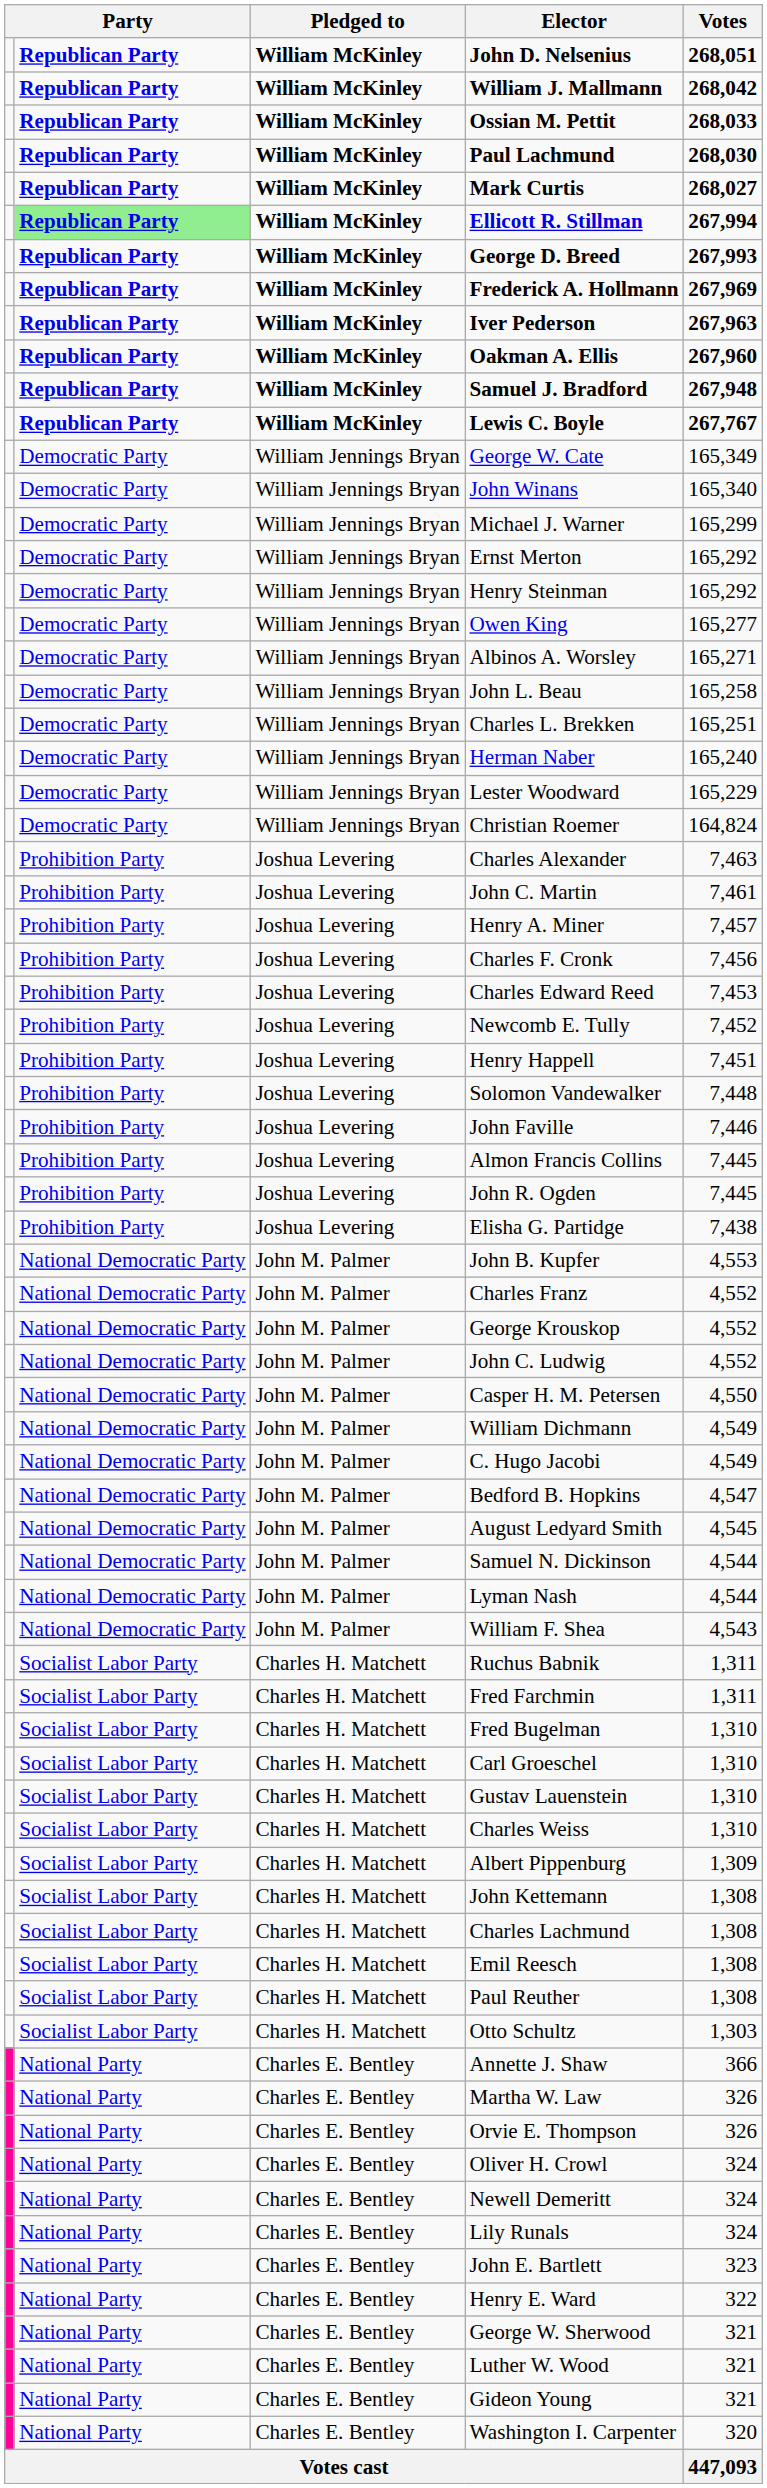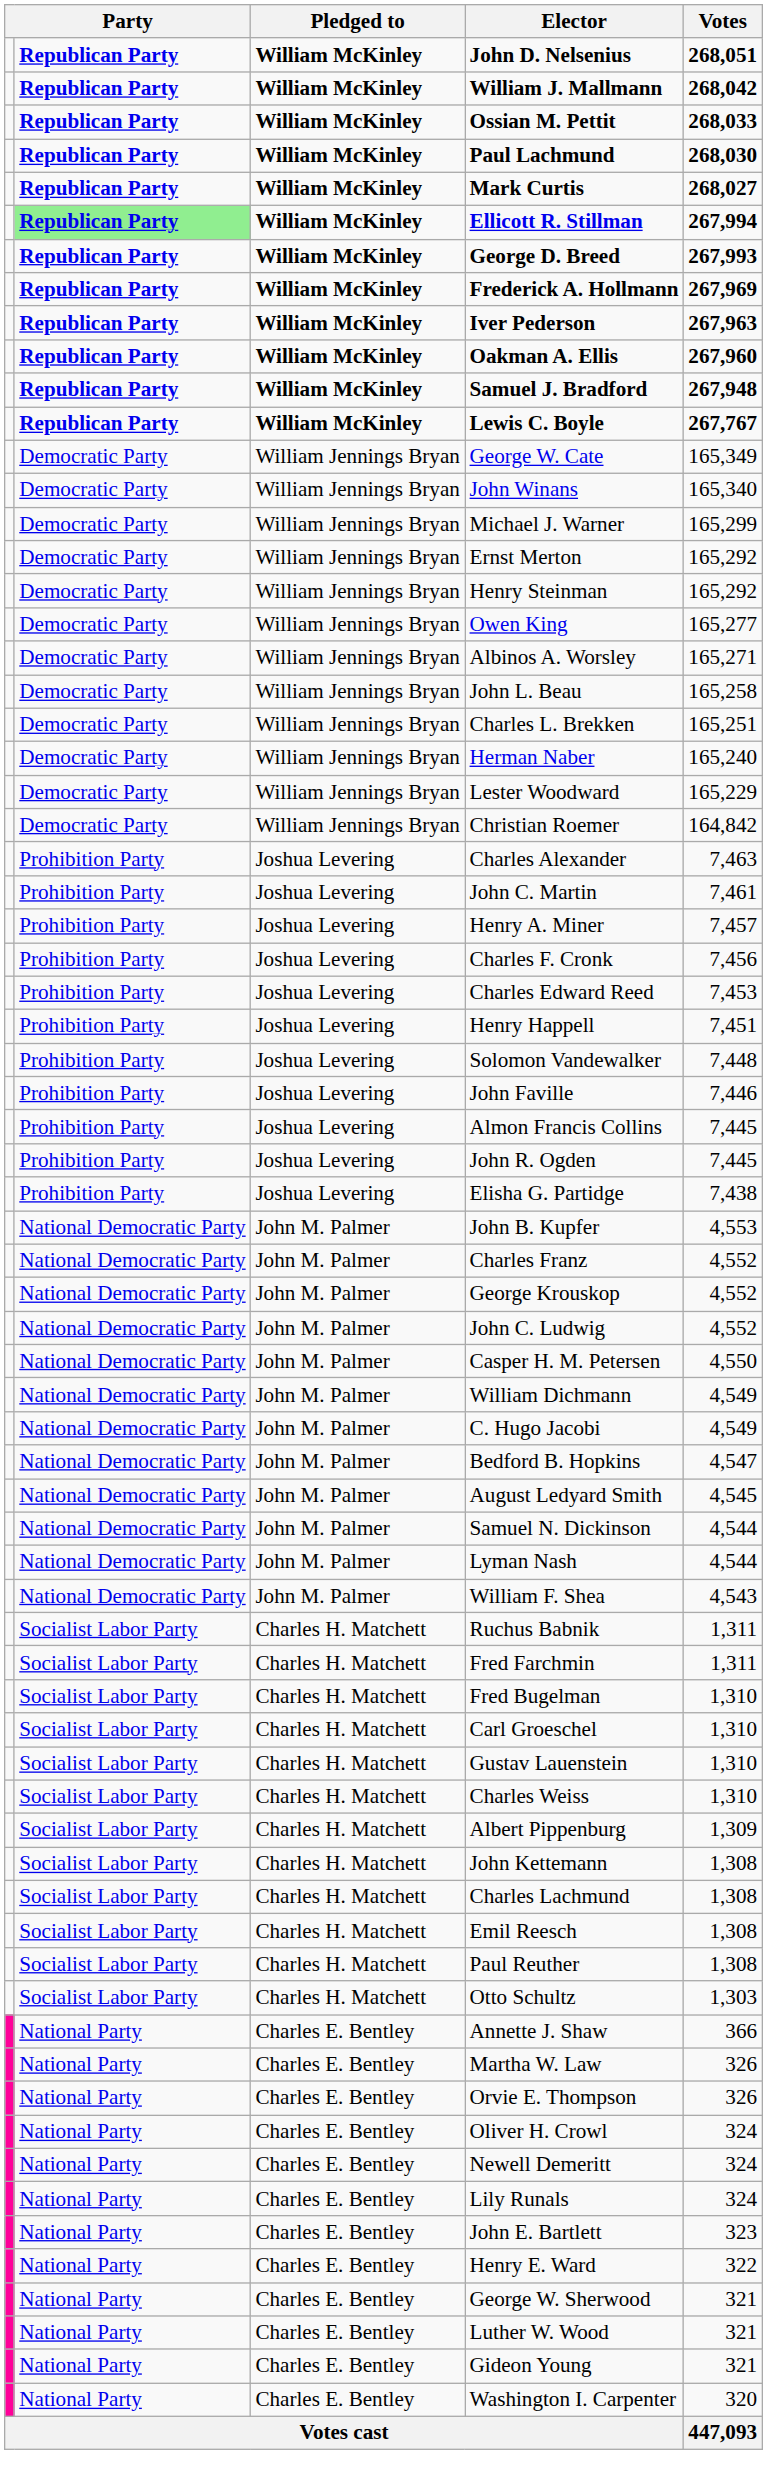 <table class="wikitable">
 <tr>
 <th colspan=2>Party</th>
 <th>Pledged to</th>
 <th>Elector</th>
 <th>Votes</th>
 </tr>
 <tr style="font-weight:bold">
 <td></td>
 <td><a href='#'>Republican Party</a></td>
 <td>William McKinley</td>
 <td>John D. Nelsenius</td>
 <td align="right">268,051</td>
 </tr>
 <tr style="font-weight:bold">
 <td></td>
 <td><a href='#'>Republican Party</a></td>
 <td>William McKinley</td>
 <td>William J. Mallmann</td>
 <td align="right">268,042</td>
 </tr>
 <tr style="font-weight:bold">
 <td></td>
 <td><a href='#'>Republican Party</a></td>
 <td>William McKinley</td>
 <td>Ossian M. Pettit</td>
 <td align="right">268,033</td>
 </tr>
 <tr style="font-weight:bold">
 <td></td>
 <td><a href='#'>Republican Party</a></td>
 <td>William McKinley</td>
 <td>Paul Lachmund</td>
 <td align="right">268,030</td>
 </tr>
 <tr style="font-weight:bold">
 <td></td>
 <td><a href='#'>Republican Party</a></td>
 <td>William McKinley</td>
 <td>Mark Curtis</td>
 <td align="right">268,027</td>
 </tr>
 <tr style="font-weight:bold">
 <td></td>
 <td style="background: lightgreen;"><a href='#'>Republican Party</a></td>
 <td>William McKinley</td>
 <td><a href='#'>Ellicott R. Stillman</a></td>
 <td align="right">267,994</td>
 </tr>
 <tr style="font-weight:bold">
 <td></td>
 <td><a href='#'>Republican Party</a></td>
 <td>William McKinley</td>
 <td>George D. Breed</td>
 <td align="right">267,993</td>
 </tr>
 <tr style="font-weight:bold">
 <td></td>
 <td><a href='#'>Republican Party</a></td>
 <td>William McKinley</td>
 <td>Frederick A. Hollmann</td>
 <td align="right">267,969</td>
 </tr>
 <tr style="font-weight:bold">
 <td></td>
 <td><a href='#'>Republican Party</a></td>
 <td>William McKinley</td>
 <td>Iver Pederson</td>
 <td align="right">267,963</td>
 </tr>
 <tr style="font-weight:bold">
 <td></td>
 <td><a href='#'>Republican Party</a></td>
 <td>William McKinley</td>
 <td>Oakman A. Ellis</td>
 <td align="right">267,960</td>
 </tr>
 <tr style="font-weight:bold">
 <td></td>
 <td><a href='#'>Republican Party</a></td>
 <td>William McKinley</td>
 <td>Samuel J. Bradford</td>
 <td align="right">267,948</td>
 </tr>
 <tr style="font-weight:bold">
 <td></td>
 <td><a href='#'>Republican Party</a></td>
 <td>William McKinley</td>
 <td>Lewis C. Boyle</td>
 <td align="right">267,767</td>
 </tr>
 <tr>
 <td></td>
 <td><a href='#'>Democratic Party</a></td>
 <td>William Jennings Bryan</td>
 <td><a href='#'>George W. Cate</a></td>
 <td align="right">165,349</td>
 </tr>
 <tr>
 <td></td>
 <td><a href='#'>Democratic Party</a></td>
 <td>William Jennings Bryan</td>
 <td><a href='#'>John Winans</a></td>
 <td align="right">165,340</td>
 </tr>
 <tr>
 <td></td>
 <td><a href='#'>Democratic Party</a></td>
 <td>William Jennings Bryan</td>
 <td>Michael J. Warner</td>
 <td align="right">165,299</td>
 </tr>
 <tr>
 <td></td>
 <td><a href='#'>Democratic Party</a></td>
 <td>William Jennings Bryan</td>
 <td>Ernst Merton</td>
 <td align="right">165,292</td>
 </tr>
 <tr>
 <td></td>
 <td><a href='#'>Democratic Party</a></td>
 <td>William Jennings Bryan</td>
 <td>Henry Steinman</td>
 <td align="right">165,292</td>
 </tr>
 <tr>
 <td></td>
 <td><a href='#'>Democratic Party</a></td>
 <td>William Jennings Bryan</td>
 <td><a href='#'>Owen King</a></td>
 <td align="right">165,277</td>
 </tr>
 <tr>
 <td></td>
 <td><a href='#'>Democratic Party</a></td>
 <td>William Jennings Bryan</td>
 <td>Albinos A. Worsley</td>
 <td align="right">165,271</td>
 </tr>
 <tr>
 <td></td>
 <td><a href='#'>Democratic Party</a></td>
 <td>William Jennings Bryan</td>
 <td>John L. Beau</td>
 <td align="right">165,258</td>
 </tr>
 <tr>
 <td></td>
 <td><a href='#'>Democratic Party</a></td>
 <td>William Jennings Bryan</td>
 <td>Charles L. Brekken</td>
 <td align="right">165,251</td>
 </tr>
 <tr>
 <td></td>
 <td><a href='#'>Democratic Party</a></td>
 <td>William Jennings Bryan</td>
 <td><a href='#'>Herman Naber</a></td>
 <td align="right">165,240</td>
 </tr>
 <tr>
 <td></td>
 <td><a href='#'>Democratic Party</a></td>
 <td>William Jennings Bryan</td>
 <td>Lester Woodward</td>
 <td align="right">165,229</td>
 </tr>
 <tr>
 <td></td>
 <td><a href='#'>Democratic Party</a></td>
 <td>William Jennings Bryan</td>
 <td>Christian Roemer</td>
-<td align="right">164,824</td>
+<td align="right">164,842</td>
 </tr>
 <tr>
 <td></td>
 <td><a href='#'>Prohibition Party</a></td>
 <td>Joshua Levering</td>
 <td>Charles Alexander</td>
 <td align="right">7,463</td>
 </tr>
 <tr>
 <td></td>
 <td><a href='#'>Prohibition Party</a></td>
 <td>Joshua Levering</td>
 <td>John C. Martin</td>
 <td align="right">7,461</td>
 </tr>
 <tr>
 <td></td>
 <td><a href='#'>Prohibition Party</a></td>
 <td>Joshua Levering</td>
 <td>Henry A. Miner</td>
 <td align="right">7,457</td>
 </tr>
 <tr>
 <td></td>
 <td><a href='#'>Prohibition Party</a></td>
 <td>Joshua Levering</td>
 <td>Charles F. Cronk</td>
 <td align="right">7,456</td>
 </tr>
 <tr>
 <td></td>
 <td><a href='#'>Prohibition Party</a></td>
 <td>Joshua Levering</td>
 <td>Charles Edward Reed</td>
 <td align="right">7,453</td>
-</tr>
-<tr>
-<td></td>
-<td><a href='#'>Prohibition Party</a></td>
-<td>Joshua Levering</td>
-<td>Newcomb E. Tully</td>
-<td align="right">7,452</td>
 </tr>
 <tr>
 <td></td>
 <td><a href='#'>Prohibition Party</a></td>
 <td>Joshua Levering</td>
 <td>Henry Happell</td>
 <td align="right">7,451</td>
 </tr>
 <tr>
 <td></td>
 <td><a href='#'>Prohibition Party</a></td>
 <td>Joshua Levering</td>
 <td>Solomon Vandewalker</td>
 <td align="right">7,448</td>
 </tr>
 <tr>
 <td></td>
 <td><a href='#'>Prohibition Party</a></td>
 <td>Joshua Levering</td>
 <td>John Faville</td>
 <td align="right">7,446</td>
 </tr>
 <tr>
 <td></td>
 <td><a href='#'>Prohibition Party</a></td>
 <td>Joshua Levering</td>
 <td>Almon Francis Collins</td>
 <td align="right">7,445</td>
 </tr>
 <tr>
 <td></td>
 <td><a href='#'>Prohibition Party</a></td>
 <td>Joshua Levering</td>
 <td>John R. Ogden</td>
 <td align="right">7,445</td>
 </tr>
 <tr>
 <td></td>
 <td><a href='#'>Prohibition Party</a></td>
 <td>Joshua Levering</td>
 <td>Elisha G. Partidge</td>
 <td align="right">7,438</td>
 </tr>
 <tr>
 <td></td>
 <td><a href='#'>National Democratic Party</a></td>
 <td>John M. Palmer</td>
 <td>John B. Kupfer</td>
 <td align="right">4,553</td>
 </tr>
 <tr>
 <td></td>
 <td><a href='#'>National Democratic Party</a></td>
 <td>John M. Palmer</td>
 <td>Charles Franz</td>
 <td align="right">4,552</td>
 </tr>
 <tr>
 <td></td>
 <td><a href='#'>National Democratic Party</a></td>
 <td>John M. Palmer</td>
 <td>George Krouskop</td>
 <td align="right">4,552</td>
 </tr>
 <tr>
 <td></td>
 <td><a href='#'>National Democratic Party</a></td>
 <td>John M. Palmer</td>
 <td>John C. Ludwig</td>
 <td align="right">4,552</td>
 </tr>
 <tr>
 <td></td>
 <td><a href='#'>National Democratic Party</a></td>
 <td>John M. Palmer</td>
 <td>Casper H. M. Petersen</td>
 <td align="right">4,550</td>
 </tr>
 <tr>
 <td></td>
 <td><a href='#'>National Democratic Party</a></td>
 <td>John M. Palmer</td>
 <td>William Dichmann</td>
 <td align="right">4,549</td>
 </tr>
 <tr>
 <td></td>
 <td><a href='#'>National Democratic Party</a></td>
 <td>John M. Palmer</td>
 <td>C. Hugo Jacobi</td>
 <td align="right">4,549</td>
 </tr>
 <tr>
 <td></td>
 <td><a href='#'>National Democratic Party</a></td>
 <td>John M. Palmer</td>
 <td>Bedford B. Hopkins</td>
 <td align="right">4,547</td>
 </tr>
 <tr>
 <td></td>
 <td><a href='#'>National Democratic Party</a></td>
 <td>John M. Palmer</td>
 <td>August Ledyard Smith</td>
 <td align="right">4,545</td>
 </tr>
 <tr>
 <td></td>
 <td><a href='#'>National Democratic Party</a></td>
 <td>John M. Palmer</td>
 <td>Samuel N. Dickinson</td>
 <td align="right">4,544</td>
 </tr>
 <tr>
 <td></td>
 <td><a href='#'>National Democratic Party</a></td>
 <td>John M. Palmer</td>
 <td>Lyman Nash</td>
 <td align="right">4,544</td>
 </tr>
 <tr>
 <td></td>
 <td><a href='#'>National Democratic Party</a></td>
 <td>John M. Palmer</td>
 <td>William F. Shea</td>
 <td align="right">4,543</td>
 </tr>
 <tr>
 <td></td>
 <td><a href='#'>Socialist Labor Party</a></td>
 <td>Charles H. Matchett</td>
 <td>Ruchus Babnik</td>
 <td align="right">1,311</td>
 </tr>
 <tr>
 <td></td>
 <td><a href='#'>Socialist Labor Party</a></td>
 <td>Charles H. Matchett</td>
 <td>Fred Farchmin</td>
 <td align="right">1,311</td>
 </tr>
 <tr>
 <td></td>
 <td><a href='#'>Socialist Labor Party</a></td>
 <td>Charles H. Matchett</td>
 <td>Fred Bugelman</td>
 <td align="right">1,310</td>
 </tr>
 <tr>
 <td></td>
 <td><a href='#'>Socialist Labor Party</a></td>
 <td>Charles H. Matchett</td>
 <td>Carl Groeschel</td>
 <td align="right">1,310</td>
 </tr>
 <tr>
 <td></td>
 <td><a href='#'>Socialist Labor Party</a></td>
 <td>Charles H. Matchett</td>
 <td>Gustav Lauenstein</td>
 <td align="right">1,310</td>
 </tr>
 <tr>
 <td></td>
 <td><a href='#'>Socialist Labor Party</a></td>
 <td>Charles H. Matchett</td>
 <td>Charles Weiss</td>
 <td align="right">1,310</td>
 </tr>
 <tr>
 <td></td>
 <td><a href='#'>Socialist Labor Party</a></td>
 <td>Charles H. Matchett</td>
 <td>Albert Pippenburg</td>
 <td align="right">1,309</td>
 </tr>
 <tr>
 <td></td>
 <td><a href='#'>Socialist Labor Party</a></td>
 <td>Charles H. Matchett</td>
 <td>John Kettemann</td>
 <td align="right">1,308</td>
 </tr>
 <tr>
 <td></td>
 <td><a href='#'>Socialist Labor Party</a></td>
 <td>Charles H. Matchett</td>
 <td>Charles Lachmund</td>
 <td align="right">1,308</td>
 </tr>
 <tr>
 <td></td>
 <td><a href='#'>Socialist Labor Party</a></td>
 <td>Charles H. Matchett</td>
 <td>Emil Reesch</td>
 <td align="right">1,308</td>
 </tr>
 <tr>
 <td></td>
 <td><a href='#'>Socialist Labor Party</a></td>
 <td>Charles H. Matchett</td>
 <td>Paul Reuther</td>
 <td align="right">1,308</td>
 </tr>
 <tr>
 <td></td>
 <td><a href='#'>Socialist Labor Party</a></td>
 <td>Charles H. Matchett</td>
 <td>Otto Schultz</td>
 <td align="right">1,303</td>
 </tr>
 <tr>
 <td bgcolor="#f09"></td>
 <td><a href='#'>National Party</a></td>
 <td>Charles E. Bentley</td>
 <td>Annette J. Shaw</td>
 <td align="right">366</td>
 </tr>
 <tr>
 <td bgcolor="#f09"></td>
 <td><a href='#'>National Party</a></td>
 <td>Charles E. Bentley</td>
 <td>Martha W. Law</td>
 <td align="right">326</td>
 </tr>
 <tr>
 <td bgcolor="#f09"></td>
 <td><a href='#'>National Party</a></td>
 <td>Charles E. Bentley</td>
 <td>Orvie E. Thompson</td>
 <td align="right">326</td>
 </tr>
 <tr>
 <td bgcolor="#f09"></td>
 <td><a href='#'>National Party</a></td>
 <td>Charles E. Bentley</td>
 <td>Oliver H. Crowl</td>
 <td align="right">324</td>
 </tr>
 <tr>
 <td bgcolor="#f09"></td>
 <td><a href='#'>National Party</a></td>
 <td>Charles E. Bentley</td>
 <td>Newell Demeritt</td>
 <td align="right">324</td>
 </tr>
 <tr>
 <td bgcolor="#f09"></td>
 <td><a href='#'>National Party</a></td>
 <td>Charles E. Bentley</td>
 <td>Lily Runals</td>
 <td align="right">324</td>
 </tr>
 <tr>
 <td bgcolor="#f09"></td>
 <td><a href='#'>National Party</a></td>
 <td>Charles E. Bentley</td>
 <td>John E. Bartlett</td>
 <td align="right">323</td>
 </tr>
 <tr>
 <td bgcolor="#f09"></td>
 <td><a href='#'>National Party</a></td>
 <td>Charles E. Bentley</td>
 <td>Henry E. Ward</td>
 <td align="right">322</td>
 </tr>
 <tr>
 <td bgcolor="#f09"></td>
 <td><a href='#'>National Party</a></td>
 <td>Charles E. Bentley</td>
 <td>George W. Sherwood</td>
 <td align="right">321</td>
 </tr>
 <tr>
 <td bgcolor="#f09"></td>
 <td><a href='#'>National Party</a></td>
 <td>Charles E. Bentley</td>
 <td>Luther W. Wood</td>
 <td align="right">321</td>
 </tr>
 <tr>
 <td bgcolor="#f09"></td>
 <td><a href='#'>National Party</a></td>
 <td>Charles E. Bentley</td>
 <td>Gideon Young</td>
 <td align="right">321</td>
 </tr>
 <tr>
 <td bgcolor="#f09"></td>
 <td><a href='#'>National Party</a></td>
 <td>Charles E. Bentley</td>
 <td>Washington I. Carpenter</td>
 <td align="right">320</td>
 </tr>
 <tr>
 <th colspan="4">Votes cast</th>
 <th>447,093</th>
 </tr>
 </table>
